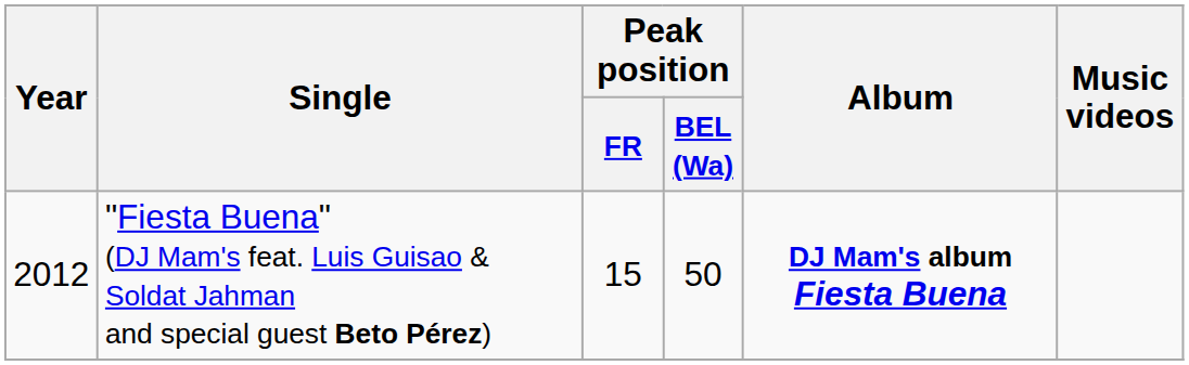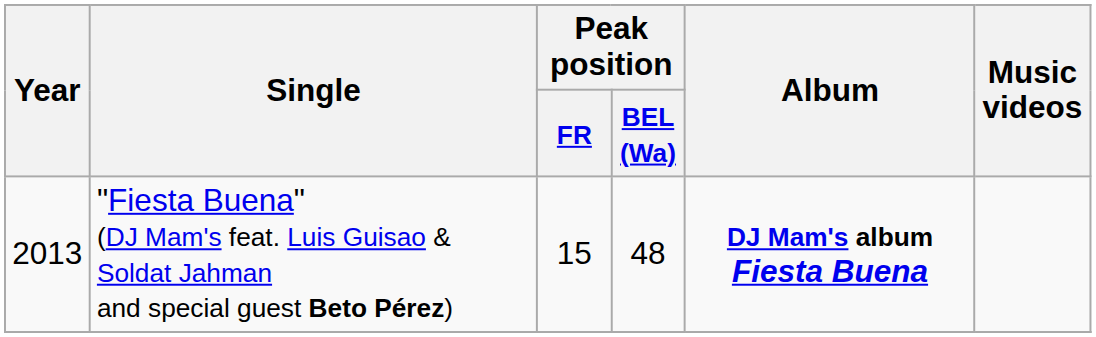 <table class="wikitable">
 <tr>
 <th align="center" rowspan="2">Year</th>
 <th align="center" rowspan="2" width="220">Single</th>
 <th align="center" colspan="2">Peak<br>position<br></th>
 <th align="center" rowspan="2" width="140">Album</th>
 <th align="center" rowspan="2" width="40">Music<br>videos</th>
 </tr>
 <tr>
 <th width="30"><small><a href='#'>FR</a></small><br></th>
 <th width="30"><small><a href='#'>BEL <br>(Wa)</a></small><br></th>
 </tr>
 <tr>
-<td align="center" rowspan="1">2012</td>
+<td align="center" rowspan="1">2013</td>
 <td>"<a href='#'>Fiesta Buena</a>" <br><small>(<a href='#'>DJ Mam's</a> feat. <a href='#'>Luis Guisao</a> & <a href='#'>Soldat Jahman</a> </small><br><small>and special guest <strong>Beto Pérez</strong>)</small></td>
 <td align="center">15</td>
-<td align="center">50</td>
+<td align="center">48</td>
 <td align="center"><strong><small><a href='#'>DJ Mam's</a> album</small><br> <em><a href='#'>Fiesta Buena</a></em></strong></td>
 <td align="center"></td>
 </tr>
 <tr>
 </tr>
 </table>
